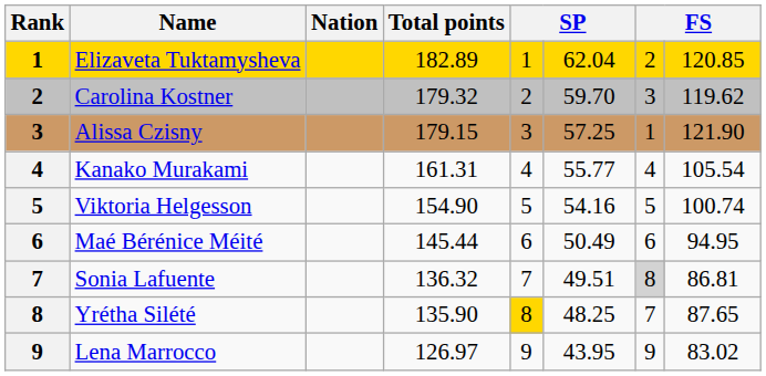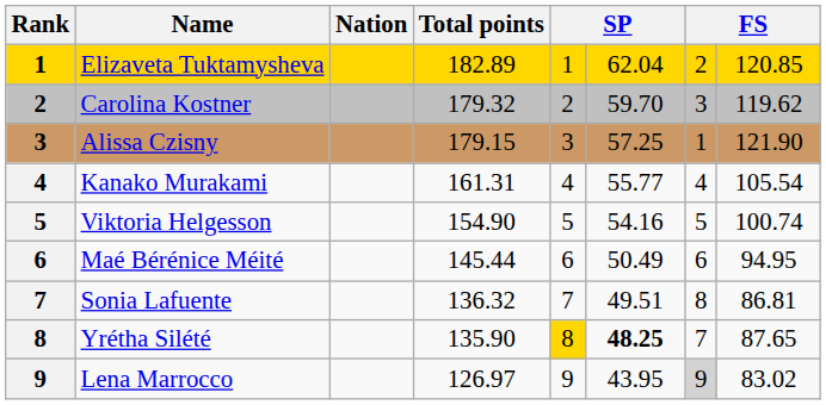 <table class="wikitable sortable">
 <tr>
 <th>Rank</th>
 <th>Name</th>
 <th>Nation</th>
 <th>Total points</th>
 <th colspan="2" width="80px"><a href='#'>SP</a></th>
 <th colspan="2" width="80px"><a href='#'>FS</a></th>
 </tr>
 <tr bgcolor="gold">
 <td align="center"><strong>1</strong></td>
 <td><a href='#'>Elizaveta Tuktamysheva</a></td>
 <td></td>
 <td align="center">182.89</td>
 <td align="center">1</td>
 <td align="center">62.04</td>
 <td align="center">2</td>
 <td align="center">120.85</td>
 </tr>
 <tr bgcolor="silver">
 <td align="center"><strong>2</strong></td>
 <td><a href='#'>Carolina Kostner</a></td>
 <td></td>
 <td align="center">179.32</td>
 <td align="center">2</td>
 <td align="center">59.70</td>
 <td align="center">3</td>
 <td align="center">119.62</td>
 </tr>
 <tr bgcolor="cc9966">
 <td align="center"><strong>3</strong></td>
 <td><a href='#'>Alissa Czisny</a></td>
 <td></td>
 <td align="center">179.15</td>
 <td align="center">3</td>
 <td align="center">57.25</td>
 <td align="center">1</td>
 <td align="center">121.90</td>
 </tr>
 <tr>
 <th>4</th>
 <td><a href='#'>Kanako Murakami</a></td>
 <td></td>
 <td align="center">161.31</td>
 <td align="center">4</td>
 <td align="center">55.77</td>
 <td align="center">4</td>
 <td align="center">105.54</td>
 </tr>
 <tr>
 <th>5</th>
 <td><a href='#'>Viktoria Helgesson</a></td>
 <td></td>
 <td align="center">154.90</td>
 <td align="center">5</td>
 <td align="center">54.16</td>
 <td align="center">5</td>
 <td align="center">100.74</td>
 </tr>
 <tr>
 <th>6</th>
 <td><a href='#'>Maé Bérénice Méité</a></td>
 <td></td>
 <td align="center">145.44</td>
 <td align="center">6</td>
 <td align="center">50.49</td>
 <td align="center">6</td>
 <td align="center">94.95</td>
 </tr>
 <tr>
 <th>7</th>
 <td><a href='#'>Sonia Lafuente</a></td>
 <td></td>
 <td align="center">136.32</td>
 <td align="center">7</td>
 <td align="center">49.51</td>
-<td align="center" style="background: lightgrey;">8</td>
+<td align="center">8</td>
 <td align="center">86.81</td>
 </tr>
 <tr>
 <th>8</th>
 <td><a href='#'>Yrétha Silété</a></td>
 <td></td>
 <td align="center">135.90</td>
 <td align="center" style="background: gold;">8</td>
-<td align="center">48.25</td>
+<td align="center"><strong>48.25</strong></td>
 <td align="center">7</td>
 <td align="center">87.65</td>
 </tr>
 <tr>
 <th>9</th>
 <td><a href='#'>Lena Marrocco</a></td>
 <td></td>
 <td align="center">126.97</td>
 <td align="center">9</td>
 <td align="center">43.95</td>
-<td align="center">9</td>
+<td align="center" style="background: lightgrey;">9</td>
 <td align="center">83.02</td>
 </tr>
 </table>
